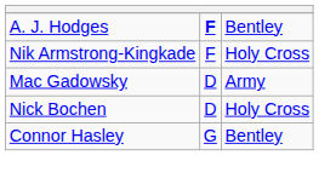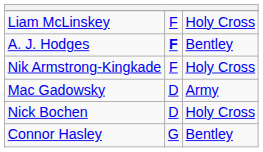 <table class="wikitable">
 <tr>
 <th colspan=3;><a href='#'><strong></strong></a></th>
 </tr>
 <tr>
+</tr>
+<tr>
+<td><a href='#'>Liam McLinskey</a></td>
+<td align=center><a href='#'>F</a></td>
+<td><a href='#'>Holy Cross</a></td>
 </tr>
 <tr>
 <td><a href='#'>A. J. Hodges</a></td>
 <td align=center><strong><a href='#'>F</a></strong></td>
 <td><a href='#'>Bentley</a></td>
 </tr>
 <tr>
 <td><a href='#'>Nik Armstrong-Kingkade</a></td>
 <td align=center><a href='#'>F</a></td>
 <td><a href='#'>Holy Cross</a></td>
 </tr>
 <tr>
 <td><a href='#'>Mac Gadowsky</a></td>
 <td align=center><a href='#'>D</a></td>
 <td><a href='#'>Army</a></td>
 </tr>
 <tr>
 <td><a href='#'>Nick Bochen</a></td>
 <td align=center><a href='#'>D</a></td>
 <td><a href='#'>Holy Cross</a></td>
 </tr>
 <tr>
 <td><a href='#'>Connor Hasley</a></td>
 <td align=center><a href='#'>G</a></td>
 <td><a href='#'>Bentley</a></td>
 </tr>
 </table>
